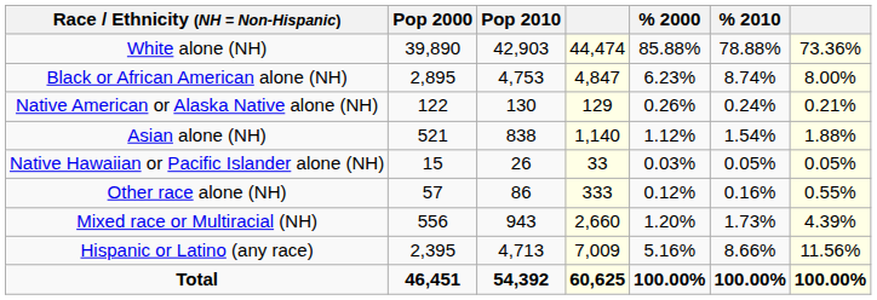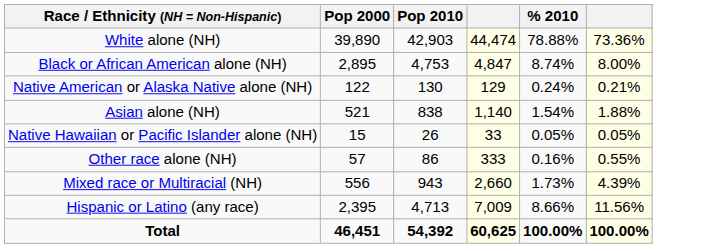 <table class="wikitable" style="text-align:center;">
 <tr>
 <th>Race / Ethnicity <small>(<em>NH = Non-Hispanic</em>)</small></th>
 <th>Pop 2000</th>
 <th>Pop 2010</th>
 <th></th>
-<th>% 2000</th>
 <th>% 2010</th>
 <th></th>
 </tr>
 <tr>
 <td><a href='#'>White</a> alone (NH)</td>
 <td>39,890</td>
 <td>42,903</td>
 <td style='background: #ffffe6;'>44,474</td>
-<td>85.88%</td>
 <td>78.88%</td>
 <td style='background: #ffffe6;'>73.36%</td>
 </tr>
 <tr>
 <td><a href='#'>Black or African American</a> alone (NH)</td>
 <td>2,895</td>
 <td>4,753</td>
 <td style='background: #ffffe6;'>4,847</td>
-<td>6.23%</td>
 <td>8.74%</td>
 <td style='background: #ffffe6;'>8.00%</td>
 </tr>
 <tr>
 <td><a href='#'>Native American</a> or <a href='#'>Alaska Native</a> alone (NH)</td>
 <td>122</td>
 <td>130</td>
 <td style='background: #ffffe6;'>129</td>
-<td>0.26%</td>
 <td>0.24%</td>
 <td style='background: #ffffe6;'>0.21%</td>
 </tr>
 <tr>
 <td><a href='#'>Asian</a> alone (NH)</td>
 <td>521</td>
 <td>838</td>
 <td style='background: #ffffe6;'>1,140</td>
-<td>1.12%</td>
 <td>1.54%</td>
 <td style='background: #ffffe6;'>1.88%</td>
 </tr>
 <tr>
 <td><a href='#'>Native Hawaiian</a> or <a href='#'>Pacific Islander</a> alone (NH)</td>
 <td>15</td>
 <td>26</td>
 <td style='background: #ffffe6;'>33</td>
-<td>0.03%</td>
 <td>0.05%</td>
 <td style='background: #ffffe6;'>0.05%</td>
 </tr>
 <tr>
 <td><a href='#'>Other race</a> alone (NH)</td>
 <td>57</td>
 <td>86</td>
 <td style='background: #ffffe6;'>333</td>
-<td>0.12%</td>
 <td>0.16%</td>
 <td style='background: #ffffe6;'>0.55%</td>
 </tr>
 <tr>
 <td><a href='#'>Mixed race or Multiracial</a> (NH)</td>
 <td>556</td>
 <td>943</td>
 <td style='background: #ffffe6;'>2,660</td>
-<td>1.20%</td>
 <td>1.73%</td>
 <td style='background: #ffffe6;'>4.39%</td>
 </tr>
 <tr>
 <td><a href='#'>Hispanic or Latino</a> (any race)</td>
 <td>2,395</td>
 <td>4,713</td>
 <td style='background: #ffffe6;'>7,009</td>
-<td>5.16%</td>
 <td>8.66%</td>
 <td style='background: #ffffe6;'>11.56%</td>
 </tr>
 <tr>
 <td><strong>Total</strong></td>
 <td><strong>46,451</strong></td>
 <td><strong>54,392</strong></td>
 <td style='background: #ffffe6;'><strong>60,625</strong></td>
 <td><strong>100.00%</strong></td>
-<td><strong>100.00%</strong></td>
 <td style='background: #ffffe6;'><strong>100.00%</strong></td>
 </tr>
 </table>
